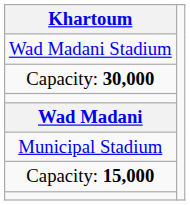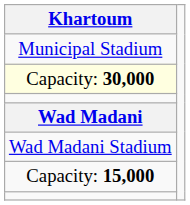 <table class="wikitable" style="text-align:center">
 <tr>
 <th><a href='#'>Khartoum</a></th>
 <td rowspan="8"></td>
 </tr>
 <tr>
-<td><a href='#'>Wad Madani Stadium</a></td>
+<td><a href='#'>Municipal Stadium</a></td>
 </tr>
 <tr>
-<td>Capacity: <strong>30,000</strong></td>
+<td style="background: lightyellow;">Capacity: <strong>30,000</strong></td>
 </tr>
 <tr>
 <td></td>
 </tr>
 <tr>
 <th><a href='#'>Wad Madani</a></th>
 </tr>
 <tr>
-<td><a href='#'>Municipal Stadium</a></td>
+<td><a href='#'>Wad Madani Stadium</a></td>
 </tr>
 <tr>
 <td>Capacity: <strong>15,000</strong></td>
 </tr>
 <tr>
 <td></td>
 </tr>
 </table>
